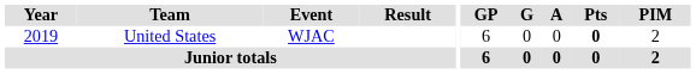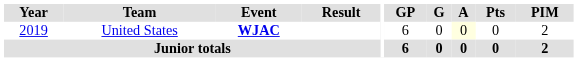 <table border="0" cellpadding="1" cellspacing="0" ID="Table3" style="text-align:center; width:40em;">
 <tr bgcolor="#e0e0e0">
 <th>Year</th>
 <th>Team</th>
 <th>Event</th>
 <th>Result</th>
 <th rowspan="101" bgcolor="#ffffff"></th>
 <th>GP</th>
 <th>G</th>
 <th>A</th>
 <th>Pts</th>
 <th>PIM</th>
 </tr>
 <tr>
 <td><a href='#'>2019</a></td>
 <td><a href='#'>United States</a></td>
-<td><a href='#'>WJAC</a></td>
+<td><strong><a href='#'>WJAC</a></strong></td>
 <td></td>
 <td>6</td>
 <td>0</td>
+<td style="background: lightyellow;">0</td>
 <td>0</td>
-<td><strong>0</strong></td>
 <td>2</td>
 </tr>
 <tr bgcolor="#e0e0e0">
 <th colspan="4">Junior totals</th>
 <th>6</th>
 <th>0</th>
 <th>0</th>
 <th>0</th>
 <th>2</th>
 </tr>
 </table>
